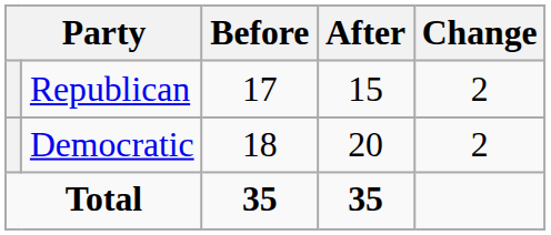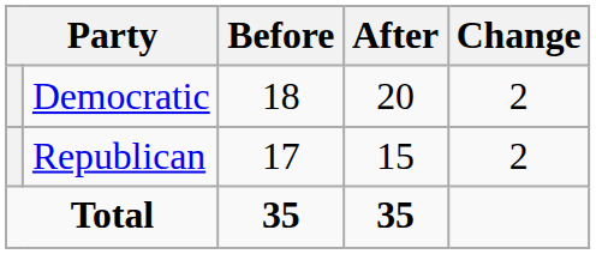 <table class="wikitable" style="text-align:center;">
 <tr>
 <th colspan="2">Party</th>
 <th>Before</th>
 <th>After</th>
 <th>Change</th>
 </tr>
 <tr>
 <th style="background-color:"></th>
-<td style="text-align:left;"><a href='#'>Republican</a></td>
-<td>17</td>
-<td>15</td>
+<td style="text-align:left;"><a href='#'>Democratic</a></td>
+<td>18</td>
+<td>20</td>
 <td> 2</td>
 </tr>
 <tr>
 <th style="background-color:"></th>
-<td style="text-align:left;"><a href='#'>Democratic</a></td>
-<td>18</td>
-<td>20</td>
+<td style="text-align:left;"><a href='#'>Republican</a></td>
+<td>17</td>
+<td>15</td>
 <td> 2</td>
 </tr>
 <tr>
 <td colspan="2"><strong>Total</strong></td>
 <td><strong>35</strong></td>
 <td><strong>35</strong></td>
 <td></td>
 </tr>
 </table>
